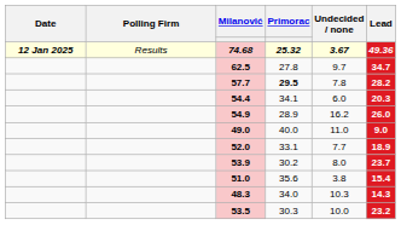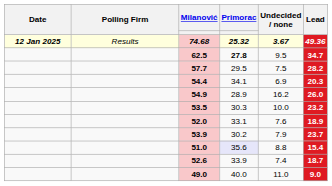 <table class="wikitable" style="text-align:center; font-size:80%">
 <tr style="height:42px;">
 <th style="width:100px;" rowspan="2">Date</th>
 <th style="width:165px;" rowspan="2">Polling Firm</th>
 <th><a href='#'>Milanović</a></th>
 <th><a href='#'>Primorac</a></th>
 <th style="width:40px;" rowspan="2">Undecided / none</th>
 <th style="width:20px;" rowspan="2">Lead</th>
 </tr>
 <tr>
 <th style="background:"></th>
 <th style="background:"></th>
 </tr>
 <tr style="background:#ffd;">
 <td><strong><em>12 Jan 2025</em></strong></td>
 <td><em>Results</em></td>
 <td style="background:#F9C8CA"><strong><em>74.68</em></strong></td>
 <td><strong><em>25.32</em></strong></td>
 <td><strong><em>3.67</em></strong></td>
 <td style="background:#DF1A22; color:white;"><strong><em>49.36</em></strong></td>
 </tr>
 <tr>
 <td></td>
 <td></td>
 <td style="background:#F9C8CA"><strong>62.5</strong></td>
-<td>27.8</td>
-<td>9.7</td>
+<td><strong>27.8</strong></td>
+<td>9.5</td>
 <td style="background:#DF1A22; color:white;"><strong>34.7</strong></td>
 </tr>
 <tr>
 <td></td>
 <td></td>
 <td style="background:#F9C8CA"><strong>57.7</strong></td>
-<td><strong>29.5</strong></td>
-<td>7.8</td>
+<td>29.5</td>
+<td>7.5</td>
 <td style="background:#DF1A22; color:white;"><strong>28.2</strong></td>
 </tr>
 <tr>
 <td></td>
 <td></td>
 <td style="background:#F9C8CA"><strong>54.4</strong></td>
 <td>34.1</td>
-<td>6.0</td>
+<td>6.9</td>
 <td style="background:#DF1A22; color:white;"><strong>20.3</strong></td>
 </tr>
 <tr>
 <td></td>
 <td></td>
 <td style="background:#F9C8CA"><strong>54.9</strong></td>
 <td>28.9</td>
 <td>16.2</td>
 <td style="background:#DF1A22; color:white;"><strong>26.0</strong></td>
 </tr>
 <tr>
 <td></td>
 <td></td>
-<td style="background:#F9C8CA"><strong>49.0</strong></td>
-<td>40.0</td>
-<td>11.0</td>
-<td style="background:#DF1A22; color:white;"><strong>9.0</strong></td>
+<td style="background:#F9C8CA"><strong>53.5</strong></td>
+<td>30.3</td>
+<td>10.0</td>
+<td style="background:#DF1A22; color:white;"><strong>23.2</strong></td>
 </tr>
 <tr>
 <td></td>
 <td></td>
 <td style="background:#F9C8CA"><strong>52.0</strong></td>
 <td>33.1</td>
-<td>7.7</td>
+<td>7.6</td>
 <td style="background:#DF1A22; color:white;"><strong>18.9</strong></td>
 </tr>
 <tr>
 <td></td>
 <td></td>
 <td style="background:#F9C8CA"><strong>53.9</strong></td>
 <td>30.2</td>
-<td>8.0</td>
+<td>7.9</td>
 <td style="background:#DF1A22; color:white;"><strong>23.7</strong></td>
 </tr>
 <tr>
 <td></td>
 <td></td>
 <td style="background:#F9C8CA"><strong>51.0</strong></td>
-<td>35.6</td>
-<td>3.8</td>
+<td style="background: lavender;">35.6</td>
+<td>8.8</td>
 <td style="background:#DF1A22; color:white;"><strong>15.4</strong></td>
 </tr>
 <tr>
 <td></td>
 <td></td>
-<td style="background:#F9C8CA"><strong>48.3</strong></td>
-<td>34.0</td>
-<td>10.3</td>
-<td style="background:#DF1A22; color:white;"><strong>14.3</strong></td>
+<td style="background:#F9C8CA"><strong>52.6</strong></td>
+<td>33.9</td>
+<td>7.4</td>
+<td style="background:#DF1A22; color:white;"><strong>18.7</strong></td>
 </tr>
 <tr>
 <td></td>
 <td></td>
-<td style="background:#F9C8CA"><strong>53.5</strong></td>
-<td>30.3</td>
-<td>10.0</td>
-<td style="background:#DF1A22; color:white;"><strong>23.2</strong></td>
+<td style="background:#F9C8CA"><strong>49.0</strong></td>
+<td>40.0</td>
+<td>11.0</td>
+<td style="background:#DF1A22; color:white;"><strong>9.0</strong></td>
 </tr>
 </table>
